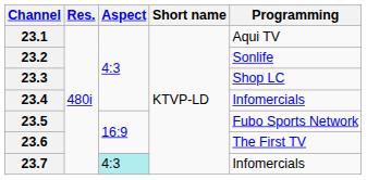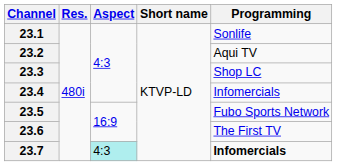 <table class="wikitable">
 <tr>
 <th><a href='#'>Channel</a></th>
 <th><a href='#'>Res.</a></th>
 <th><a href='#'>Aspect</a></th>
 <th>Short name</th>
 <th>Programming</th>
 </tr>
 <tr>
 <th scope = "row">23.1</th>
 <td rowspan="7"><a href='#'>480i</a></td>
 <td rowspan="4"><a href='#'>4:3</a></td>
 <td rowspan="7">KTVP-LD</td>
-<td>Aqui TV</td>
+<td><a href='#'>Sonlife</a></td>
 </tr>
 <tr>
 <th scope = "row">23.2</th>
-<td><a href='#'>Sonlife</a></td>
+<td>Aqui TV</td>
 </tr>
 <tr>
 <th scope = "row">23.3</th>
 <td><a href='#'>Shop LC</a></td>
 </tr>
 <tr>
 <th scope = "row">23.4</th>
 <td><a href='#'>Infomercials</a></td>
 </tr>
 <tr>
 <th scope = "row">23.5</th>
 <td rowspan="2"><a href='#'>16:9</a></td>
 <td><a href='#'>Fubo Sports Network</a></td>
 </tr>
 <tr>
 <th scope = "row">23.6</th>
 <td><a href='#'>The First TV</a></td>
 </tr>
 <tr>
 <th scope = "row">23.7</th>
 <td style="background: paleturquoise;">4:3</td>
-<td>Infomercials</td>
+<td><strong>Infomercials</strong></td>
 </tr>
 </table>
